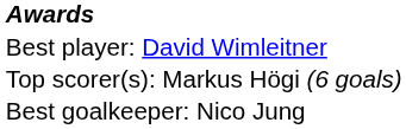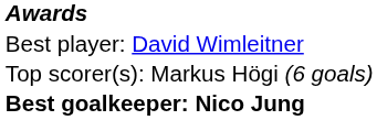 <table width=100% cellspacing=1 style="font-size: 90%;">
 <tr>
 <td><strong><em>Awards</em></strong></td>
 </tr>
 <tr>
 <td>Best player:  <a href='#'>David Wimleitner</a></td>
 </tr>
 <tr>
 <td colspan=4>Top scorer(s):  Markus Högi <em>(6 goals)</em></td>
 </tr>
 <tr>
-<td>Best goalkeeper:  Nico Jung</td>
+<td><strong>Best goalkeeper:  Nico Jung</strong></td>
 </tr>
 </table>
